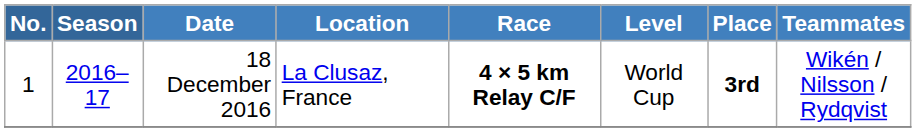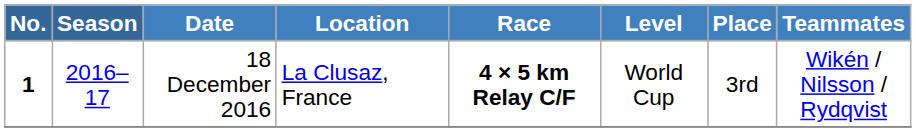 <table class="wikitable sortable" style="font-size:95%; text-align:center; border:grey solid 1px; border-collapse:collapse; background:#ffffff;">
 <tr style="background:#efefef;">
 <th style="background-color:#369; color:white;">No.</th>
 <th style="background-color:#369; color:white;">Season</th>
 <th style="background-color:#4180be; color:white; width:100px;">Date</th>
 <th style="background-color:#4180be; color:white; width:170px;">Location</th>
 <th style="background-color:#4180be; color:white; width:170px;">Race</th>
 <th style="background-color:#4180be; color:white; width:100px;">Level</th>
 <th style="background-color:#4180be; color:white;">Place</th>
 <th style="background-color:#4180be; color:white;">Teammates</th>
 </tr>
 <tr>
-<td align=center>1</td>
+<td align=center><strong>1</strong></td>
 <td rowspan=1 align=center><a href='#'>2016–17</a></td>
 <td align=right>18 December 2016</td>
 <td align=left> <a href='#'>La Clusaz</a>, France</td>
 <td><strong>4 × 5 km Relay C/F</strong></td>
 <td>World Cup</td>
-<td><strong>3rd</strong></td>
+<td>3rd</td>
 <td><a href='#'>Wikén</a> / <a href='#'>Nilsson</a> / <a href='#'>Rydqvist</a></td>
 </tr>
 <tr>
 </tr>
 </table>
